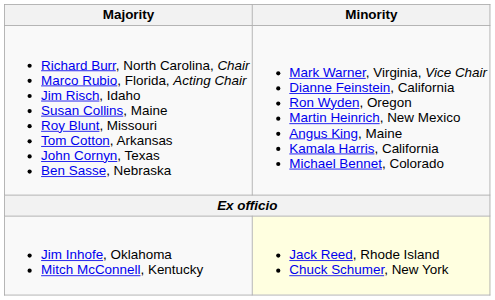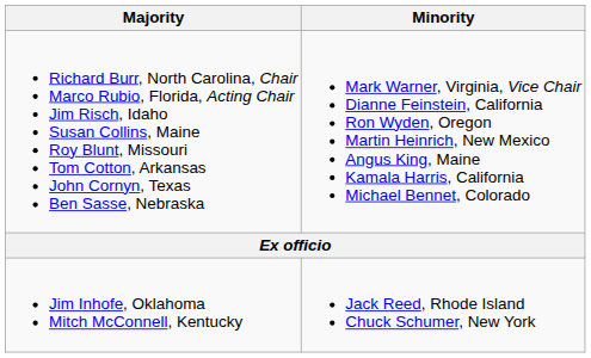 <table class=wikitable>
 <tr>
 <th>Majority</th>
 <th>Minority</th>
 </tr>
 <tr>
 <td><br><ul><li><a href='#'>Richard Burr</a>, North Carolina, <em>Chair</em><br></li><li><a href='#'>Marco Rubio</a>, Florida, <em>Acting Chair</em><br></li><li><a href='#'>Jim Risch</a>, Idaho</li><li><a href='#'>Susan Collins</a>, Maine</li><li><a href='#'>Roy Blunt</a>, Missouri</li><li><a href='#'>Tom Cotton</a>, Arkansas</li><li><a href='#'>John Cornyn</a>, Texas</li><li><a href='#'>Ben Sasse</a>, Nebraska</li></ul></td>
 <td><br><ul><li><a href='#'>Mark Warner</a>, Virginia, <em>Vice Chair</em></li><li><a href='#'>Dianne Feinstein</a>, California</li><li><a href='#'>Ron Wyden</a>, Oregon</li><li><a href='#'>Martin Heinrich</a>, New Mexico</li><li><span><a href='#'>Angus King</a>, Maine</span></li><li><a href='#'>Kamala Harris</a>, California</li><li><a href='#'>Michael Bennet</a>, Colorado</li></ul></td>
 </tr>
 <tr>
 <th colspan=2><em>Ex officio</em></th>
 </tr>
 <tr>
 <td><br><ul><li><a href='#'>Jim Inhofe</a>, Oklahoma</li><li><a href='#'>Mitch McConnell</a>, Kentucky</li></ul></td>
-<td style="background: lightyellow;"><br><ul><li><a href='#'>Jack Reed</a>, Rhode Island</li><li><a href='#'>Chuck Schumer</a>, New York</li></ul></td>
+<td><br><ul><li><a href='#'>Jack Reed</a>, Rhode Island</li><li><a href='#'>Chuck Schumer</a>, New York</li></ul></td>
 </tr>
 </table>
